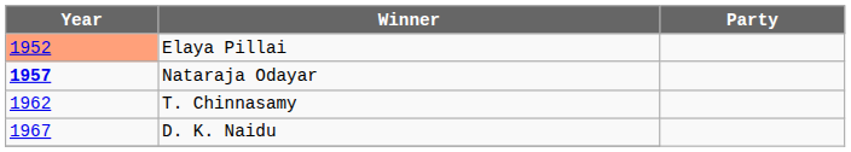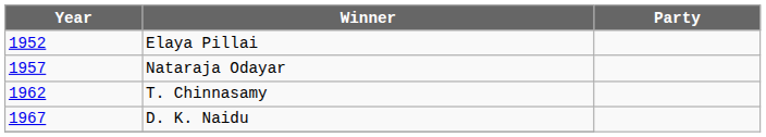 <table class="wikitable" width="50%">
 <tr>
 <th style="background-color:#666666; color:white">Year</th>
 <th style="background-color:#666666; color:white">Winner</th>
 <th style="background-color:#666666; color:white" colspan="2">Party</th>
 </tr>
 <tr>
-<td style="background: lightsalmon;"><a href='#'>1952</a></td>
+<td><a href='#'>1952</a></td>
 <td>Elaya Pillai</td>
 <td></td>
 </tr>
 <tr>
-<td><strong><a href='#'>1957</a></strong></td>
+<td><a href='#'>1957</a></td>
 <td>Nataraja Odayar</td>
 </tr>
 <tr>
 <td><a href='#'>1962</a></td>
 <td>T. Chinnasamy</td>
 <td></td>
 </tr>
 <tr>
 <td><a href='#'>1967</a></td>
 <td>D. K. Naidu</td>
 </tr>
 <tr>
 </tr>
 </table>
